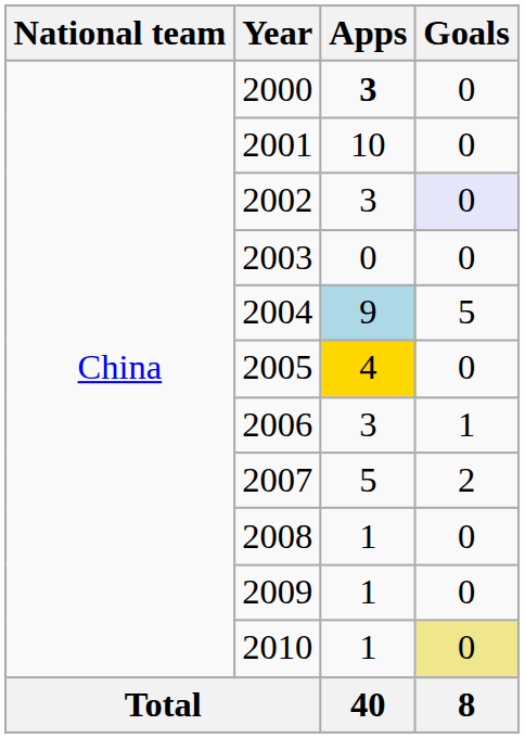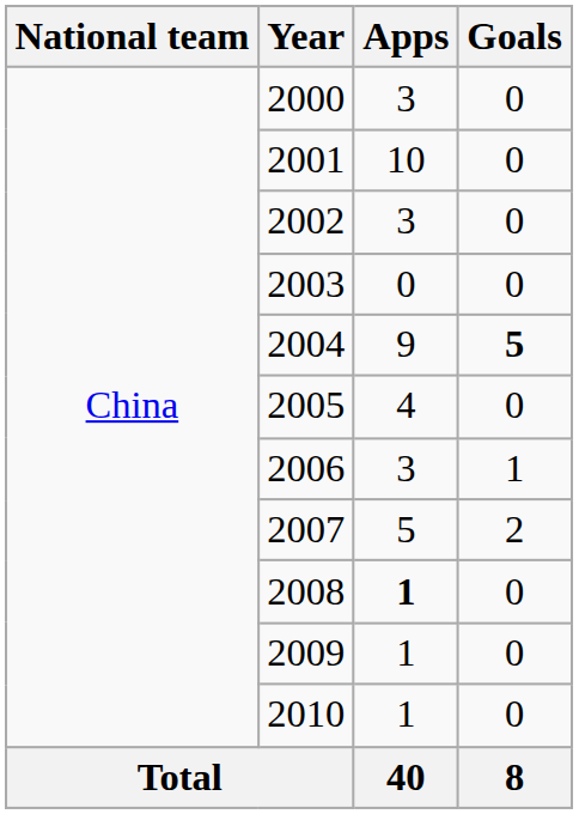 <table class="wikitable" style="text-align:center">
 <tr>
 <th>National team</th>
 <th>Year</th>
 <th>Apps</th>
 <th>Goals</th>
 </tr>
 <tr>
 <td rowspan="11"><a href='#'>China</a></td>
 <td>2000</td>
-<td><strong>3</strong></td>
+<td>3</td>
 <td>0</td>
 </tr>
 <tr>
 <td>2001</td>
 <td>10</td>
 <td>0</td>
 </tr>
 <tr>
 <td>2002</td>
 <td>3</td>
-<td style="background: lavender;">0</td>
+<td>0</td>
 </tr>
 <tr>
 <td>2003</td>
 <td>0</td>
 <td>0</td>
 </tr>
 <tr>
 <td>2004</td>
-<td style="background: lightblue;">9</td>
-<td>5</td>
+<td>9</td>
+<td><strong>5</strong></td>
 </tr>
 <tr>
 <td>2005</td>
-<td style="background: gold;">4</td>
+<td>4</td>
 <td>0</td>
 </tr>
 <tr>
 <td>2006</td>
 <td>3</td>
 <td>1</td>
 </tr>
 <tr>
 <td>2007</td>
 <td>5</td>
 <td>2</td>
 </tr>
 <tr>
 <td>2008</td>
-<td>1</td>
+<td><strong>1</strong></td>
 <td>0</td>
 </tr>
 <tr>
 <td>2009</td>
 <td>1</td>
 <td>0</td>
 </tr>
 <tr>
 <td>2010</td>
 <td>1</td>
-<td style="background: khaki;">0</td>
+<td>0</td>
 </tr>
 <tr>
 <th colspan="2">Total</th>
 <th>40</th>
 <th>8</th>
 </tr>
 </table>
